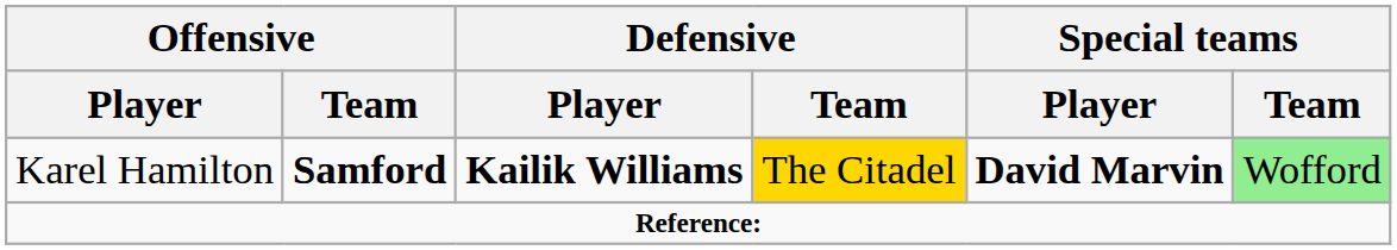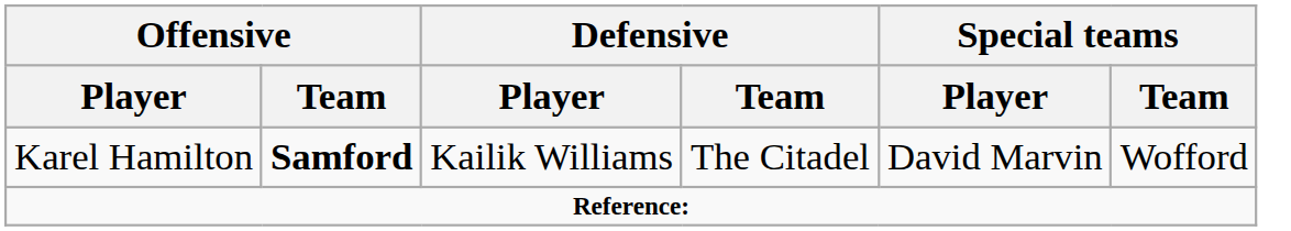 <table class="wikitable" border="1">
 <tr>
 <th colspan="2">Offensive</th>
 <th colspan="2">Defensive</th>
 <th colspan="2">Special teams</th>
 </tr>
 <tr>
 <th>Player</th>
 <th>Team</th>
 <th>Player</th>
 <th>Team</th>
 <th>Player</th>
 <th>Team</th>
 </tr>
 <tr>
 <td>Karel Hamilton</td>
 <td><strong>Samford</strong></td>
-<td><strong>Kailik Williams</strong></td>
-<td style="background: gold;">The Citadel</td>
-<td><strong>David Marvin</strong></td>
-<td style="background: lightgreen;">Wofford</td>
+<td>Kailik Williams</td>
+<td>The Citadel</td>
+<td>David Marvin</td>
+<td>Wofford</td>
 </tr>
 <tr>
 <td colspan="8" style="font-size: 8pt" align="center"><strong>Reference: </strong></td>
 </tr>
 </table>
